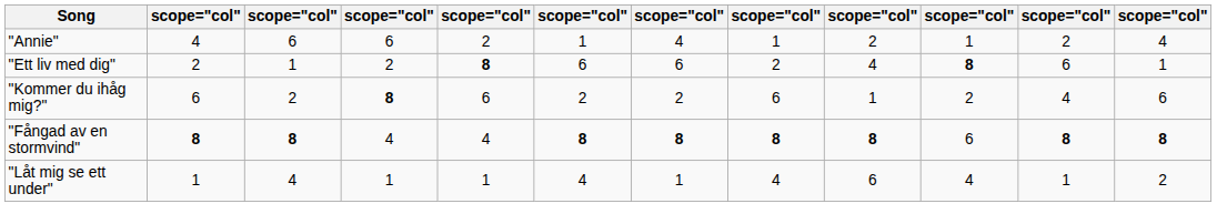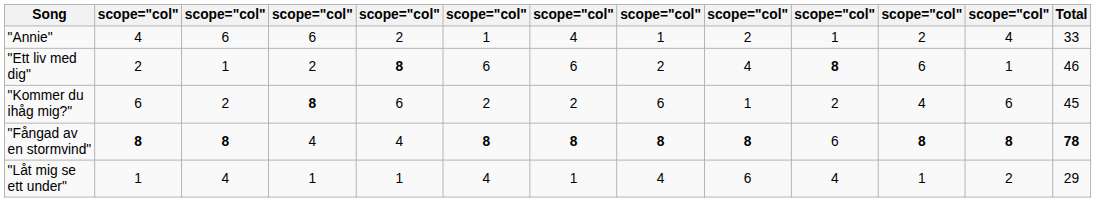 <table class="wikitable plainrowheaders" style="margin: 1em auto 1em auto; text-align:center;">
 <tr>
 <th scope="col">Song</th>
 <th>scope="col" </th>
 <th>scope="col" </th>
 <th>scope="col" </th>
 <th>scope="col" </th>
 <th>scope="col" </th>
 <th>scope="col" </th>
 <th>scope="col" </th>
 <th>scope="col" </th>
 <th>scope="col" </th>
 <th>scope="col" </th>
 <th>scope="col" </th>
+<th scope="col">Total</th>
 </tr>
 <tr --->
 <td align="left">"Annie"</td>
 <td>4</td>
 <td>6</td>
 <td>6</td>
 <td>2</td>
 <td>1</td>
 <td>4</td>
 <td>1</td>
 <td>2</td>
 <td>1</td>
 <td>2</td>
 <td>4</td>
+<td>33</td>
 </tr>
 <tr --->
 <td align="left">"Ett liv med dig"</td>
 <td>2</td>
 <td>1</td>
 <td>2</td>
 <td><strong>8</strong></td>
 <td>6</td>
 <td>6</td>
 <td>2</td>
 <td>4</td>
 <td><strong>8</strong></td>
 <td>6</td>
 <td>1</td>
+<td>46</td>
 </tr>
 <tr --->
 <td align="left">"Kommer du ihåg mig?"</td>
 <td>6</td>
 <td>2</td>
 <td><strong>8</strong></td>
 <td>6</td>
 <td>2</td>
 <td>2</td>
 <td>6</td>
 <td>1</td>
 <td>2</td>
 <td>4</td>
 <td>6</td>
+<td>45</td>
 </tr>
 <tr --->
 <td align="left">"Fångad av en stormvind"</td>
 <td><strong>8</strong></td>
 <td><strong>8</strong></td>
 <td>4</td>
 <td>4</td>
 <td><strong>8</strong></td>
 <td><strong>8</strong></td>
 <td><strong>8</strong></td>
 <td><strong>8</strong></td>
 <td>6</td>
 <td><strong>8</strong></td>
 <td><strong>8</strong></td>
+<td><strong>78</strong></td>
 </tr>
 <tr --->
 <td align="left">"Låt mig se ett under"</td>
 <td>1</td>
 <td>4</td>
 <td>1</td>
 <td>1</td>
 <td>4</td>
 <td>1</td>
 <td>4</td>
 <td>6</td>
 <td>4</td>
 <td>1</td>
 <td>2</td>
+<td>29</td>
 </tr>
 </table>
